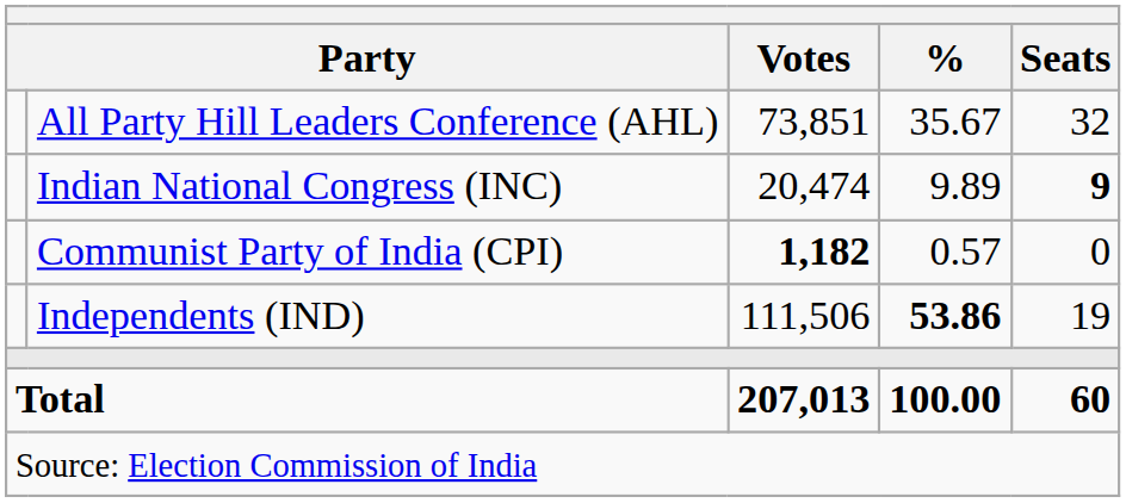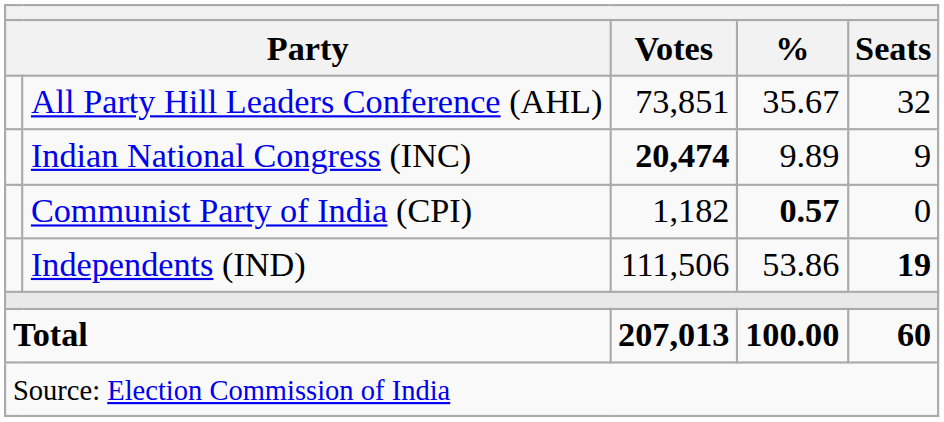 <table class=wikitable style=text-align:right>
 <tr>
 <th colspan=10></th>
 </tr>
 <tr>
 <th colspan=2>Party</th>
 <th>Votes</th>
 <th>%</th>
 <th>Seats</th>
 </tr>
 <tr>
 <td width="1"></td>
 <td align="left"><a href='#'>All Party Hill Leaders Conference</a> (AHL)</td>
 <td>73,851</td>
 <td>35.67</td>
 <td>32</td>
 </tr>
 <tr>
 <td width="1"></td>
 <td align="left"><a href='#'>Indian National Congress</a> (INC)</td>
-<td>20,474</td>
+<td><strong>20,474</strong></td>
 <td>9.89</td>
-<td><strong>9</strong></td>
+<td>9</td>
 </tr>
 <tr>
 <td></td>
 <td align="left"><a href='#'>Communist Party of India</a> (CPI)</td>
-<td><strong>1,182</strong></td>
-<td>0.57</td>
+<td>1,182</td>
+<td><strong>0.57</strong></td>
 <td>0</td>
 </tr>
 <tr>
 <td></td>
 <td align="left"><a href='#'>Independents</a> (IND)</td>
 <td>111,506</td>
-<td><strong>53.86</strong></td>
-<td>19</td>
+<td>53.86</td>
+<td><strong>19</strong></td>
 </tr>
 <tr>
 <td colspan="5" bgcolor="#E9E9E9"></td>
 </tr>
 <tr style="font-weight:bold;">
 <td colspan="2" align="left">Total</td>
 <td>207,013</td>
 <td>100.00</td>
 <td>60</td>
 </tr>
 <tr>
 <td colspan="5" style="text-align:left;"><small>Source: <a href='#'>Election Commission of India</a></small></td>
 </tr>
 </table>
